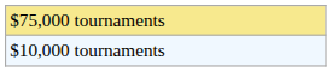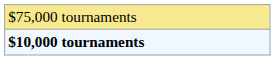 <table class="wikitable"  style="font-size:85%; width:15%;">
 <tr style="background:#f7e98e;">
 <td>$75,000 tournaments</td>
 </tr>
 <tr style="background:#f0f8ff;">
-<td>$10,000 tournaments</td>
+<td><strong>$10,000 tournaments</strong></td>
 </tr>
 </table>
